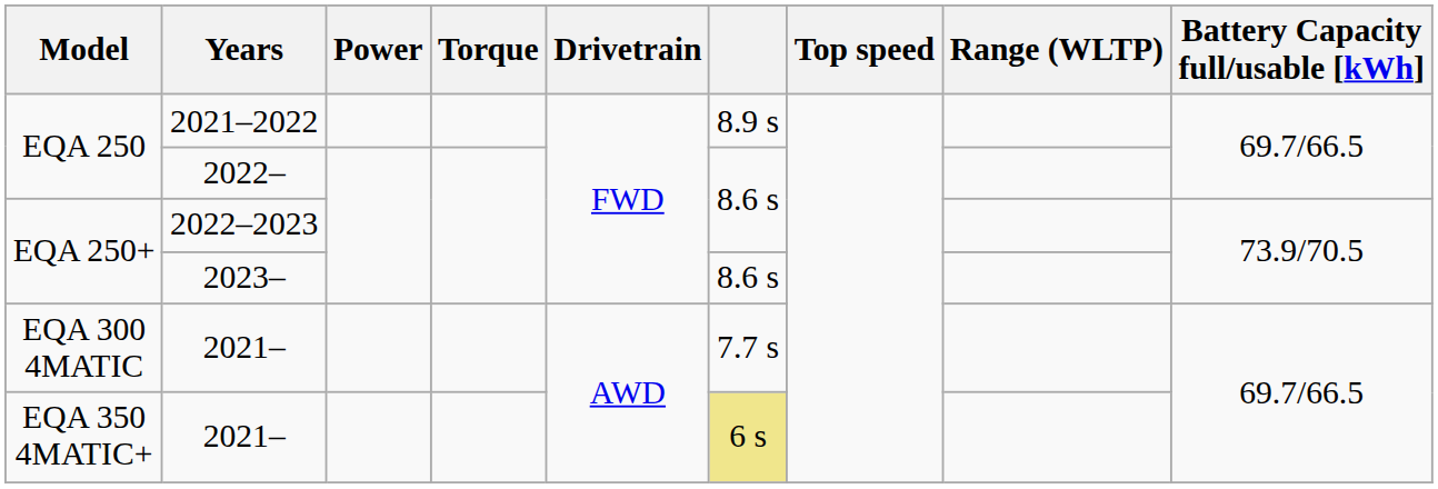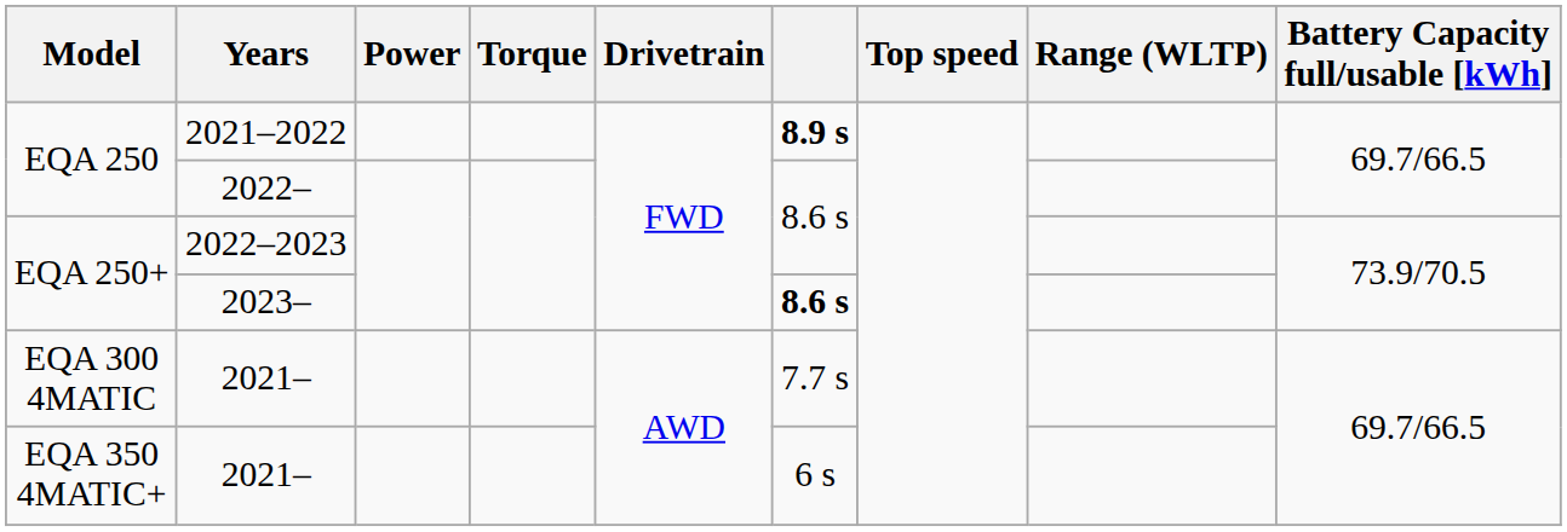 <table class="wikitable sortable" style="text-align: center;">
 <tr>
 <th>Model</th>
 <th>Years</th>
 <th>Power</th>
 <th>Torque</th>
 <th>Drivetrain</th>
 <th></th>
 <th>Top speed</th>
 <th>Range (WLTP)</th>
 <th>Battery Capacity<br>full/usable [<a href='#'>kWh</a>]</th>
 </tr>
 <tr>
 <td rowspan="2">EQA 250</td>
 <td>2021–2022</td>
 <td></td>
 <td></td>
 <td rowspan="4"><a href='#'>FWD</a></td>
-<td>8.9 s</td>
+<td><strong>8.9 s</strong></td>
 <td rowspan="6"></td>
 <td></td>
 <td rowspan="2">69.7/66.5</td>
 </tr>
 <tr>
 <td>2022–</td>
 <td rowspan="3"></td>
 <td rowspan="3"></td>
 <td rowspan="2">8.6 s</td>
 <td></td>
 </tr>
 <tr>
 <td rowspan="2">EQA 250+</td>
 <td>2022–2023</td>
 <td></td>
 <td rowspan="2">73.9/70.5</td>
 </tr>
 <tr>
 <td>2023–</td>
-<td>8.6 s</td>
+<td><strong>8.6 s</strong></td>
 <td></td>
 </tr>
 <tr>
 <td>EQA 300 <br> 4MATIC</td>
 <td>2021–</td>
 <td></td>
 <td></td>
 <td rowspan="2"><a href='#'>AWD</a></td>
 <td>7.7 s</td>
 <td></td>
 <td rowspan="2">69.7/66.5</td>
 </tr>
 <tr>
 <td>EQA 350 <br> 4MATIC+</td>
 <td>2021–</td>
 <td></td>
 <td></td>
-<td style="background: khaki;">6 s</td>
+<td>6 s</td>
 <td></td>
 </tr>
 </table>
